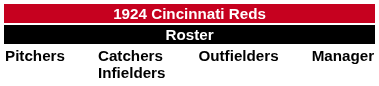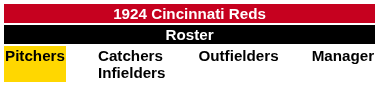 <table class="toccolours" style="font-size: 95%;">
 <tr>
 <th colspan="10" style="background-color: #c6011f; color: white; text-align: center;">1924 Cincinnati Reds</th>
 </tr>
 <tr>
 <td colspan="10" style="background-color: black; color: white; text-align: center;"><strong>Roster</strong></td>
 </tr>
 <tr>
-<td valign="top"><strong>Pitchers</strong><br>        </td>
+<td valign="top" style="background: gold;"><strong>Pitchers</strong><br>        </td>
 <td width="25px"></td>
 <td valign="top"><strong>Catchers</strong><br>    <strong>Infielders</strong>         </td>
 <td width="25px"></td>
 <td valign="top"><strong>Outfielders</strong><br>         </td>
 <td width="25px"></td>
 <td valign="top"><strong>Manager</strong><br></td>
 </tr>
 </table>
